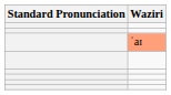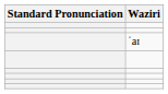 <table class="wikitable">
 <tr>
 <th>Standard Pronunciation</th>
 <th>Waziri</th>
 </tr>
 <tr>
 <th></th>
 <td></td>
 </tr>
 <tr>
 <th></th>
 <td></td>
 </tr>
 <tr>
 <th></th>
-<td style="background: lightsalmon;">ˈaɪ</td>
+<td>ˈaɪ</td>
 </tr>
 <tr>
 <th></th>
 <td><br></td>
 </tr>
 <tr>
 <th></th>
 <td></td>
 </tr>
 <tr>
 <th></th>
 <td></td>
 </tr>
 <tr>
 <th></th>
 <td></td>
 </tr>
 <tr>
 <th></th>
 <td></td>
 </tr>
 </table>
